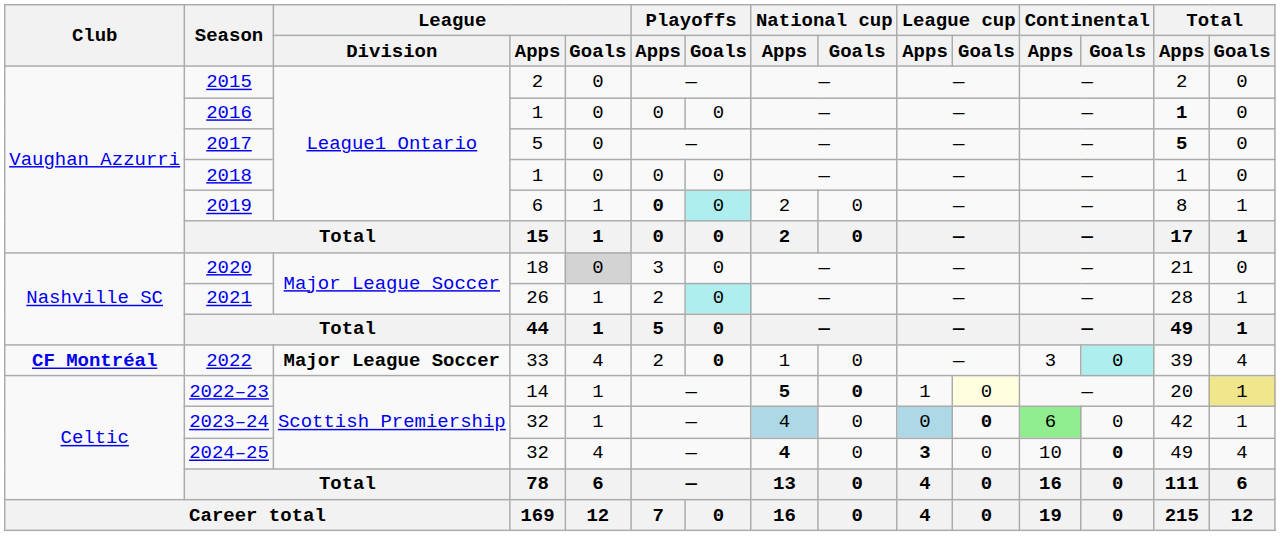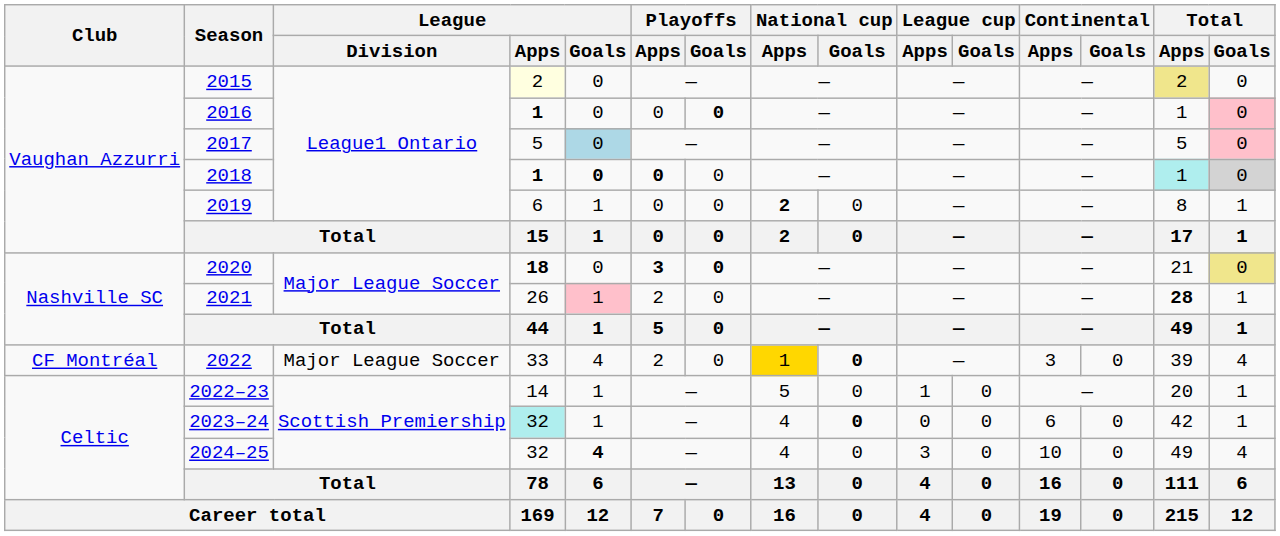 <table class="wikitable" style="text-align:center">
 <tr>
 <th rowspan="2">Club</th>
 <th rowspan="2">Season</th>
 <th colspan="3">League</th>
 <th colspan="2">Playoffs</th>
 <th colspan="2">National cup</th>
 <th colspan="2">League cup</th>
 <th colspan="2">Continental</th>
 <th colspan="2">Total</th>
 </tr>
 <tr>
 <th>Division</th>
 <th>Apps</th>
 <th>Goals</th>
 <th>Apps</th>
 <th>Goals</th>
 <th>Apps</th>
 <th>Goals</th>
 <th>Apps</th>
 <th>Goals</th>
 <th>Apps</th>
 <th>Goals</th>
 <th>Apps</th>
 <th>Goals</th>
 </tr>
 <tr>
 <td rowspan="6"><a href='#'>Vaughan Azzurri</a></td>
 <td><a href='#'>2015</a></td>
 <td rowspan="5"><a href='#'>League1 Ontario</a></td>
-<td>2</td>
+<td style="background: lightyellow;">2</td>
 <td>0</td>
 <td colspan="2">—</td>
 <td colspan="2">—</td>
 <td colspan="2">—</td>
 <td colspan="2">—</td>
-<td>2</td>
+<td style="background: khaki;">2</td>
 <td>0</td>
 </tr>
 <tr>
 <td><a href='#'>2016</a></td>
-<td>1</td>
+<td><strong>1</strong></td>
 <td>0</td>
 <td>0</td>
+<td><strong>0</strong></td>
+<td colspan="2">—</td>
+<td colspan="2">—</td>
+<td colspan="2">—</td>
+<td>1</td>
+<td style="background: pink;">0</td>
+</tr>
+<tr>
+<td><a href='#'>2017</a></td>
+<td>5</td>
+<td style="background: lightblue;">0</td>
+<td colspan="2">—</td>
+<td colspan="2">—</td>
+<td colspan="2">—</td>
+<td colspan="2">—</td>
+<td>5</td>
+<td style="background: pink;">0</td>
+</tr>
+<tr>
+<td><a href='#'>2018</a></td>
+<td><strong>1</strong></td>
+<td><strong>0</strong></td>
+<td><strong>0</strong></td>
 <td>0</td>
 <td colspan="2">—</td>
 <td colspan="2">—</td>
 <td colspan="2">—</td>
-<td><strong>1</strong></td>
-<td>0</td>
-</tr>
-<tr>
-<td><a href='#'>2017</a></td>
-<td>5</td>
-<td>0</td>
-<td colspan="2">—</td>
-<td colspan="2">—</td>
-<td colspan="2">—</td>
-<td colspan="2">—</td>
-<td><strong>5</strong></td>
-<td>0</td>
-</tr>
-<tr>
-<td><a href='#'>2018</a></td>
-<td>1</td>
-<td>0</td>
-<td>0</td>
-<td>0</td>
-<td colspan="2">—</td>
-<td colspan="2">—</td>
-<td colspan="2">—</td>
-<td>1</td>
-<td>0</td>
+<td style="background: paleturquoise;">1</td>
+<td style="background: lightgrey;">0</td>
 </tr>
 <tr>
 <td><a href='#'>2019</a></td>
 <td>6</td>
 <td>1</td>
-<td><strong>0</strong></td>
-<td style="background: paleturquoise;">0</td>
-<td>2</td>
+<td>0</td>
+<td>0</td>
+<td><strong>2</strong></td>
 <td>0</td>
 <td colspan="2">—</td>
 <td colspan="2">—</td>
 <td>8</td>
 <td>1</td>
 </tr>
 <tr>
 <th colspan="2">Total</th>
 <th>15</th>
 <th>1</th>
 <th>0</th>
 <th>0</th>
 <th>2</th>
 <th>0</th>
 <th colspan="2">—</th>
 <th colspan="2">—</th>
 <th>17</th>
 <th>1</th>
 </tr>
 <tr>
 <td rowspan="3"><a href='#'>Nashville SC</a></td>
 <td><a href='#'>2020</a></td>
 <td rowspan="2"><a href='#'>Major League Soccer</a></td>
-<td>18</td>
-<td style="background: lightgrey;">0</td>
-<td>3</td>
+<td><strong>18</strong></td>
+<td>0</td>
+<td><strong>3</strong></td>
+<td><strong>0</strong></td>
+<td colspan="2">—</td>
+<td colspan="2">—</td>
+<td colspan="2">—</td>
+<td>21</td>
+<td style="background: khaki;">0</td>
+</tr>
+<tr>
+<td><a href='#'>2021</a></td>
+<td>26</td>
+<td style="background: pink;">1</td>
+<td>2</td>
 <td>0</td>
 <td colspan="2">—</td>
 <td colspan="2">—</td>
 <td colspan="2">—</td>
-<td>21</td>
-<td>0</td>
-</tr>
-<tr>
-<td><a href='#'>2021</a></td>
-<td>26</td>
-<td>1</td>
-<td>2</td>
-<td style="background: paleturquoise;">0</td>
-<td colspan="2">—</td>
-<td colspan="2">—</td>
-<td colspan="2">—</td>
-<td>28</td>
+<td><strong>28</strong></td>
 <td>1</td>
 </tr>
 <tr>
 <th colspan="2">Total</th>
 <th>44</th>
 <th>1</th>
 <th>5</th>
 <th>0</th>
 <th colspan="2">—</th>
 <th colspan="2">—</th>
 <th colspan="2">—</th>
 <th>49</th>
 <th>1</th>
 </tr>
 <tr>
-<td><strong><a href='#'>CF Montréal</a></strong></td>
+<td><a href='#'>CF Montréal</a></td>
 <td><a href='#'>2022</a></td>
-<td><strong>Major League Soccer</strong></td>
+<td>Major League Soccer</td>
 <td>33</td>
 <td>4</td>
 <td>2</td>
+<td>0</td>
+<td style="background: gold;">1</td>
 <td><strong>0</strong></td>
-<td>1</td>
-<td>0</td>
 <td colspan="2">—</td>
 <td>3</td>
-<td style="background: paleturquoise;">0</td>
+<td>0</td>
 <td>39</td>
 <td>4</td>
 </tr>
 <tr>
 <td rowspan="4"><a href='#'>Celtic</a></td>
 <td><a href='#'>2022–23</a></td>
 <td rowspan="3"><a href='#'>Scottish Premiership</a></td>
 <td>14</td>
 <td>1</td>
 <td colspan="2">—</td>
-<td><strong>5</strong></td>
-<td><strong>0</strong></td>
+<td>5</td>
+<td>0</td>
 <td>1</td>
-<td style="background: lightyellow;">0</td>
+<td>0</td>
 <td colspan="2">—</td>
 <td>20</td>
-<td style="background: khaki;">1</td>
+<td>1</td>
 </tr>
 <tr>
 <td><a href='#'>2023–24</a></td>
-<td>32</td>
+<td style="background: paleturquoise;">32</td>
 <td>1</td>
 <td colspan="2">—</td>
-<td style="background: lightblue;">4</td>
+<td>4</td>
+<td><strong>0</strong></td>
 <td>0</td>
-<td style="background: lightblue;">0</td>
-<td><strong>0</strong></td>
-<td style="background: lightgreen;">6</td>
+<td>0</td>
+<td>6</td>
 <td>0</td>
 <td>42</td>
 <td>1</td>
 </tr>
 <tr>
 <td><a href='#'>2024–25</a></td>
 <td>32</td>
+<td><strong>4</strong></td>
+<td colspan="2">—</td>
 <td>4</td>
-<td colspan="2">—</td>
-<td><strong>4</strong></td>
 <td>0</td>
-<td><strong>3</strong></td>
+<td>3</td>
 <td>0</td>
 <td>10</td>
-<td><strong>0</strong></td>
+<td>0</td>
 <td>49</td>
 <td>4</td>
 </tr>
 <tr>
 <th colspan="2">Total</th>
 <th>78</th>
 <th>6</th>
 <th colspan="2">—</th>
 <th>13</th>
 <th>0</th>
 <th>4</th>
 <th>0</th>
 <th>16</th>
 <th>0</th>
 <th>111</th>
 <th>6</th>
 </tr>
 <tr>
 <th colspan="3">Career total</th>
 <th>169</th>
 <th>12</th>
 <th>7</th>
 <th>0</th>
 <th>16</th>
 <th>0</th>
 <th>4</th>
 <th>0</th>
 <th>19</th>
 <th>0</th>
 <th>215</th>
 <th>12</th>
 </tr>
 </table>
